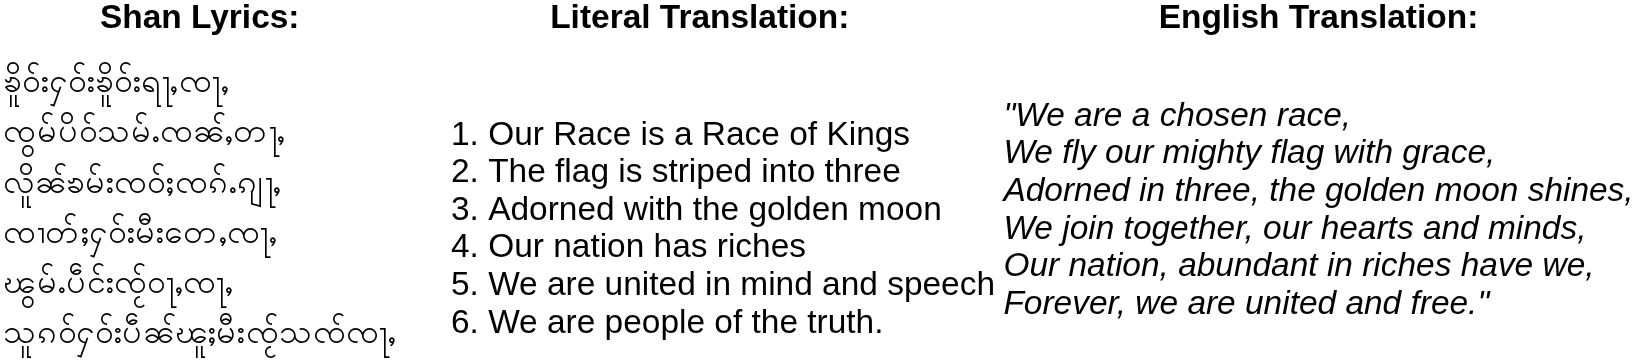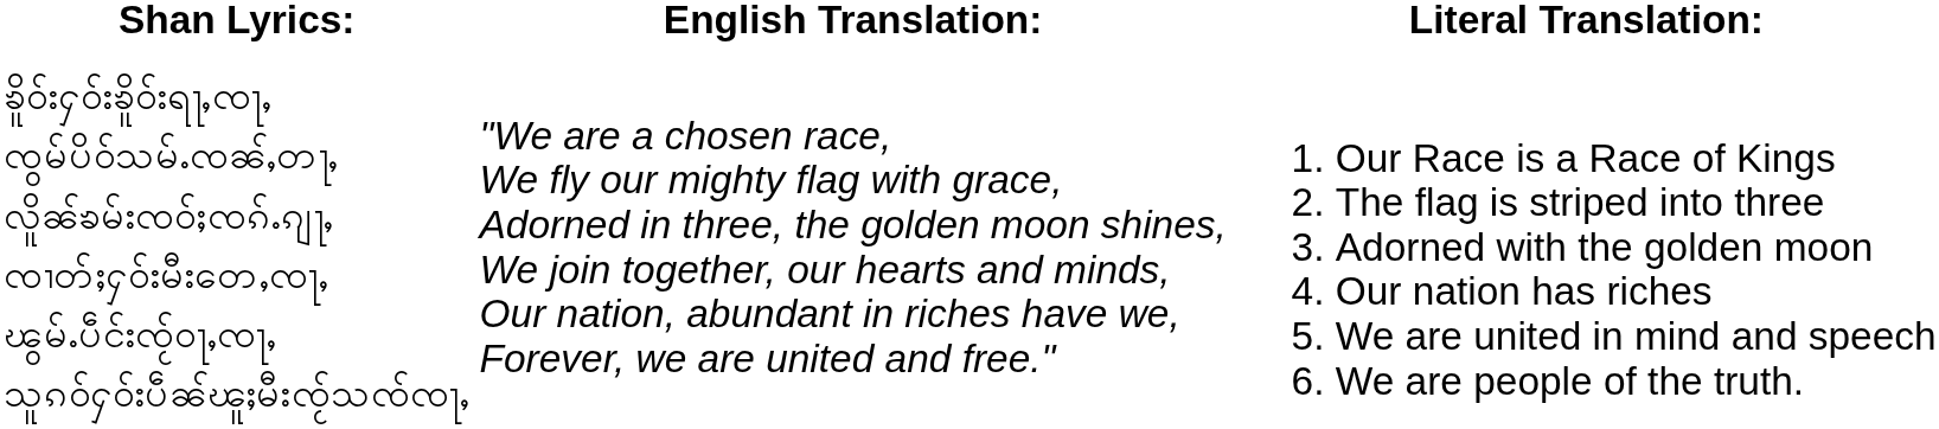 <table>
 <tr>
 <th>Shan Lyrics:</th>
+<th>English Translation:</th>
 <th>Literal Translation:</th>
-<th>English Translation:</th>
 </tr>
 <tr>
 <td>ၶိူဝ်းႁဝ်းၶိူဝ်းရႃႇၸႃႇ<br>ၸွမ်ပိဝ်သမ်ႉၸၼ်ႇတႃႇ<br>လိူၼ်ၶမ်းၸဝ်ႈၸၵ်ႉၵျႃႇ<br>ၸၢတ်ႈႁဝ်းမီးတေႇၸႃႇ<br>ၽွမ်ႉပဵင်းၸႂ်ဝႃႇၸႃႇ<br>သူၵဝ်ႁဝ်းပဵၼ်ၽူႈမီးၸႂ်သၸ်ၸႃႇ</td>
+<td><em>"We are a chosen race,</em><br><em>We fly our mighty flag with grace,</em><br><em>Adorned in three,  the golden moon shines,</em><br><em>We join together, our hearts and minds,</em><br><em>Our nation, abundant in riches have we,</em><br><em>Forever, we are united and free."</em></td>
 <td><br><ol><li>Our Race is a Race of Kings</li><li>The flag is striped into three</li><li>Adorned with the golden moon</li><li>Our nation has riches</li><li>We are united in mind and speech</li><li>We are people of the truth.</li></ol></td>
-<td><em>"We are a chosen race,</em><br><em>We fly our mighty flag with grace,</em><br><em>Adorned in three,  the golden moon shines,</em><br><em>We join together, our hearts and minds,</em><br><em>Our nation, abundant in riches have we,</em><br><em>Forever, we are united and free."</em></td>
 </tr>
 </table>
